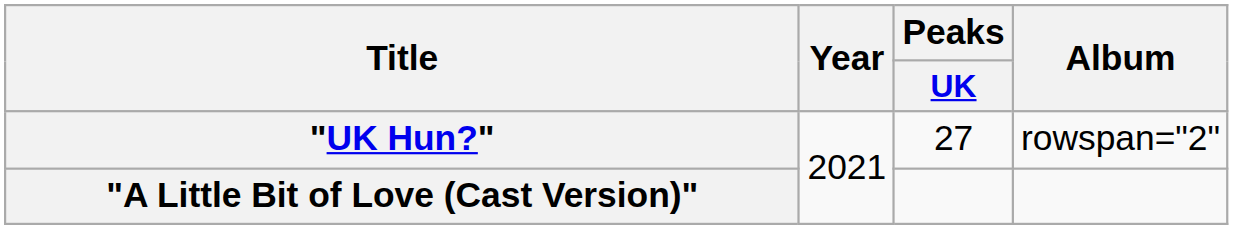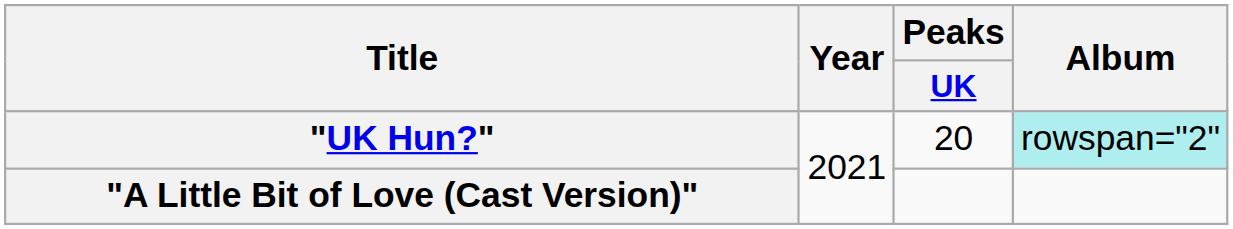 <table class="wikitable plainrowheaders" style="text-align:center;">
 <tr>
 <th scope="col" rowspan="2" style="width:22em;">Title</th>
 <th scope="col" rowspan="2" style="width:1em;">Year</th>
 <th scope="col">Peaks</th>
 <th scope="col" rowspan="2">Album</th>
 </tr>
 <tr>
 <th scope="col" style="width:3em;font-size:90%;"><a href='#'>UK</a><br></th>
 </tr>
 <tr>
 <th scope="row">"<a href='#'>UK Hun?</a>"<br></th>
 <td rowspan="2">2021</td>
-<td>27</td>
-<td>rowspan="2" </td>
+<td>20</td>
+<td style="background: paleturquoise;">rowspan="2" </td>
 </tr>
 <tr>
 <th scope="row">"A Little Bit of Love (Cast Version)"<br></th>
 <td></td>
 </tr>
 </table>
